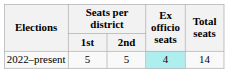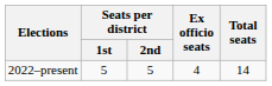 <table class="wikitable">
 <tr>
 <th rowspan="2">Elections</th>
 <th colspan="2">Seats per district</th>
 <th rowspan="2" width="50px">Ex officio seats</th>
 <th rowspan="2" width="50px">Total seats</th>
 </tr>
 <tr>
 <th width="50px">1st</th>
 <th width="50px">2nd</th>
 </tr>
 <tr align="center">
 <td>2022–present</td>
 <td>5</td>
 <td>5</td>
-<td style="background: paleturquoise;">4</td>
+<td>4</td>
 <td>14</td>
 </tr>
 </table>
